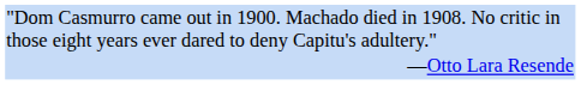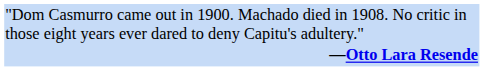 <table class="toccolours" style="float: right; margin-left: 1em; margin-right: 2em; font-size: 85%; background:#c6dbf7; color:black; width:30em; max-width: 25%;" cellspacing="0">
 <tr>
 <td style="text-align: left;">"Dom Casmurro came out in 1900. Machado died in 1908. No critic in those eight years ever dared to deny Capitu's adultery."</td>
 </tr>
 <tr>
-<td style="text-align: right;">—<a href='#'>Otto Lara Resende</a></td>
+<td style="text-align: right;"><strong>—<a href='#'>Otto Lara Resende</a></strong></td>
 </tr>
 </table>
